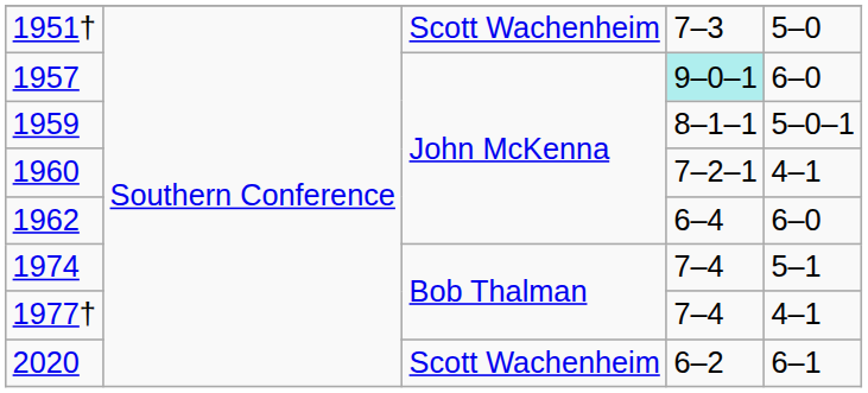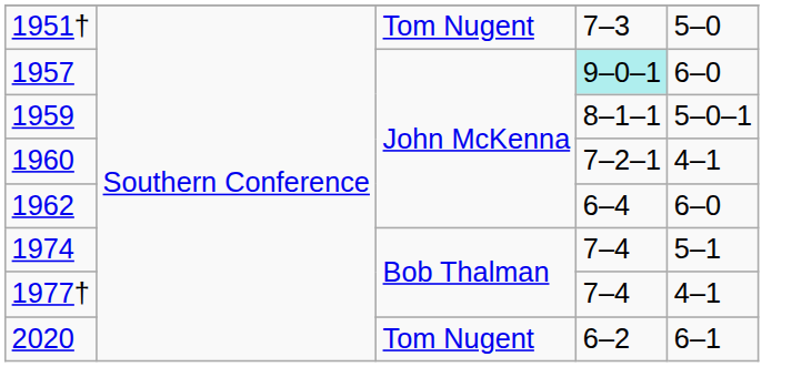 <table class="wikitable">
 <tr>
 </tr>
 <tr>
 <td><a href='#'>1951</a>†</td>
 <td rowspan="8"><a href='#'>Southern Conference</a></td>
-<td><a href='#'>Scott Wachenheim</a></td>
+<td><a href='#'>Tom Nugent</a></td>
 <td>7–3</td>
 <td>5–0</td>
 </tr>
 <tr>
 <td><a href='#'>1957</a></td>
 <td rowspan="4"><a href='#'>John McKenna</a></td>
 <td style="background: paleturquoise;">9–0–1</td>
 <td>6–0</td>
 </tr>
 <tr>
 <td><a href='#'>1959</a></td>
 <td>8–1–1</td>
 <td>5–0–1</td>
 </tr>
 <tr>
 <td><a href='#'>1960</a></td>
 <td>7–2–1</td>
 <td>4–1</td>
 </tr>
 <tr>
 <td><a href='#'>1962</a></td>
 <td>6–4</td>
 <td>6–0</td>
 </tr>
 <tr>
 <td><a href='#'>1974</a></td>
 <td rowspan="2"><a href='#'>Bob Thalman</a></td>
 <td>7–4</td>
 <td>5–1</td>
 </tr>
 <tr>
 <td><a href='#'>1977</a>†</td>
 <td>7–4</td>
 <td>4–1</td>
 </tr>
 <tr>
 <td><a href='#'>2020</a></td>
-<td><a href='#'>Scott Wachenheim</a></td>
+<td><a href='#'>Tom Nugent</a></td>
 <td>6–2</td>
 <td>6–1</td>
 </tr>
 </table>
